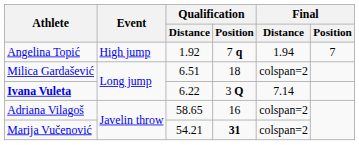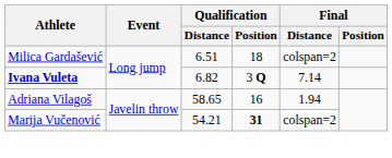 <table class=wikitable style=font-size:90%>
 <tr>
 <th rowspan=2>Athlete</th>
 <th rowspan=2>Event</th>
 <th colspan=2>Qualification</th>
 <th colspan=2>Final</th>
 </tr>
 <tr style=font-size:95%>
 <th>Distance</th>
 <th>Position</th>
 <th>Distance</th>
 <th>Position</th>
 </tr>
 <tr align=center>
-<td align=left><a href='#'>Angelina Topić</a></td>
-<td align=left><a href='#'>High jump</a></td>
-<td>1.92</td>
-<td>7 <strong>q</strong></td>
-<td>1.94</td>
-<td>7</td>
-</tr>
-<tr align=center>
 <td align=left><a href='#'>Milica Gardašević</a></td>
 <td align=left rowspan=2><a href='#'>Long jump</a></td>
 <td>6.51</td>
 <td>18</td>
 <td>colspan=2 </td>
 </tr>
 <tr align=center>
 <td align=left><strong><a href='#'>Ivana Vuleta</a></strong></td>
-<td>6.22</td>
+<td>6.82</td>
 <td>3 <strong>Q</strong></td>
 <td>7.14 </td>
 <td></td>
 </tr>
 <tr align=center>
 <td align=left><a href='#'>Adriana Vilagoš</a></td>
 <td align=left rowspan=2><a href='#'>Javelin throw</a></td>
 <td>58.65</td>
 <td>16</td>
-<td>colspan=2 </td>
+<td>1.94</td>
 </tr>
 <tr align=center>
 <td align=left><a href='#'>Marija Vučenović</a></td>
 <td>54.21</td>
 <td><strong>31</strong></td>
 <td>colspan=2 </td>
 </tr>
 </table>
